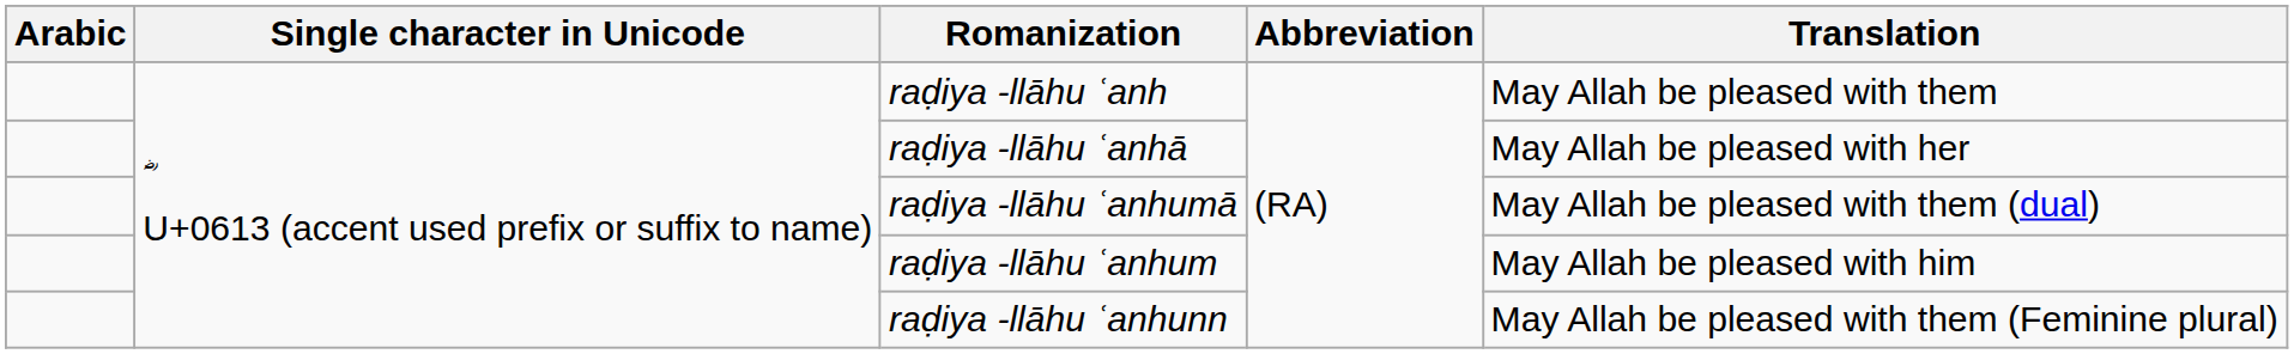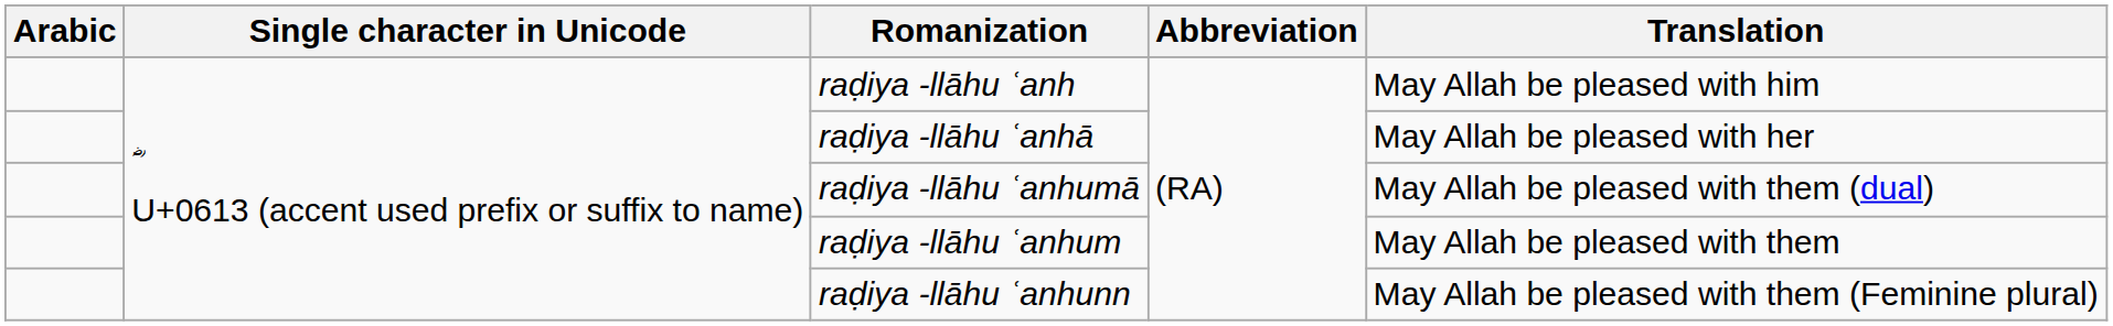 <table class="wikitable">
 <tr>
 <th>Arabic</th>
 <th>Single character in Unicode</th>
 <th>Romanization</th>
 <th>Abbreviation</th>
 <th>Translation</th>
 </tr>
 <tr>
 <td></td>
 <td rowspan="5"><big>ؓ</big><br>U+0613 (accent used prefix or suffix to name)</td>
 <td><em>raḍiya -llāhu ʿanh</em></td>
 <td rowspan="5">(RA)</td>
-<td>May Allah be pleased with them</td>
+<td>May Allah be pleased with him</td>
 </tr>
 <tr>
 <td></td>
 <td><em>raḍiya -llāhu ʿanhā</em></td>
 <td>May Allah be pleased with her</td>
 </tr>
 <tr>
 <td></td>
 <td><em>raḍiya -llāhu ʿanhumā</em></td>
 <td>May Allah be pleased with them (<a href='#'>dual</a>)</td>
 </tr>
 <tr>
 <td></td>
 <td><em>raḍiya -llāhu ʿanhum</em></td>
-<td>May Allah be pleased with him</td>
+<td>May Allah be pleased with them</td>
 </tr>
 <tr>
 <td></td>
 <td><em>raḍiya -llāhu ʿanhunn</em></td>
 <td>May Allah be pleased with them (Feminine plural)</td>
 </tr>
 </table>
